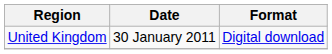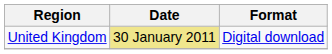 <table class=wikitable>
 <tr>
 <th>Region</th>
 <th>Date</th>
 <th>Format</th>
 </tr>
 <tr>
 <td><a href='#'>United Kingdom</a></td>
-<td>30 January 2011</td>
+<td style="background: khaki;">30 January 2011</td>
 <td><a href='#'>Digital download</a></td>
 </tr>
 <tr>
 </tr>
 </table>
